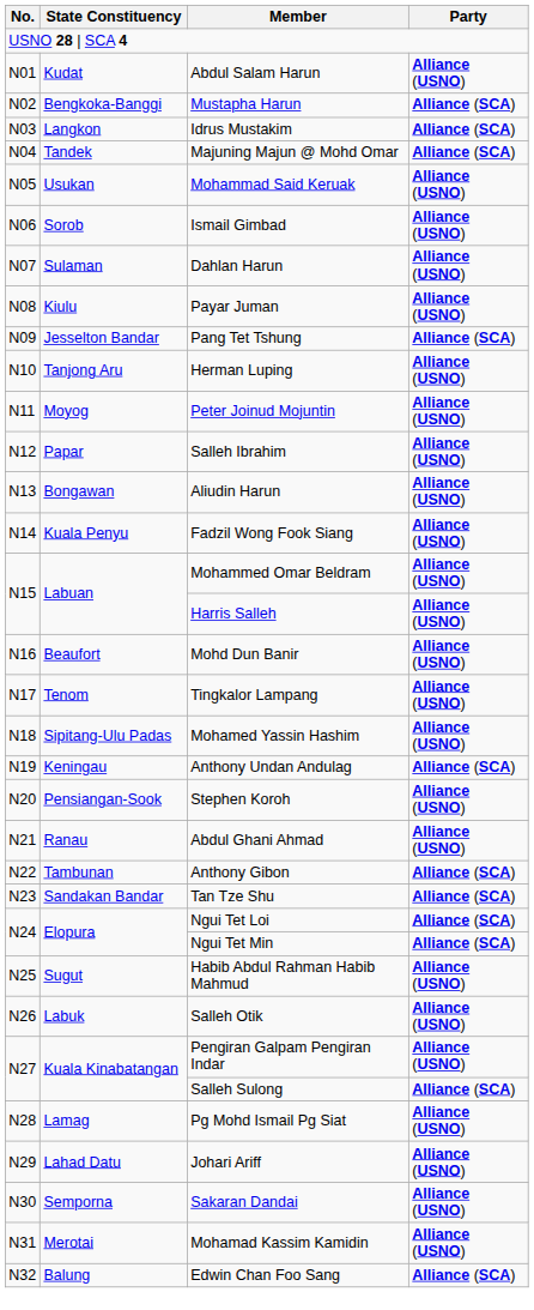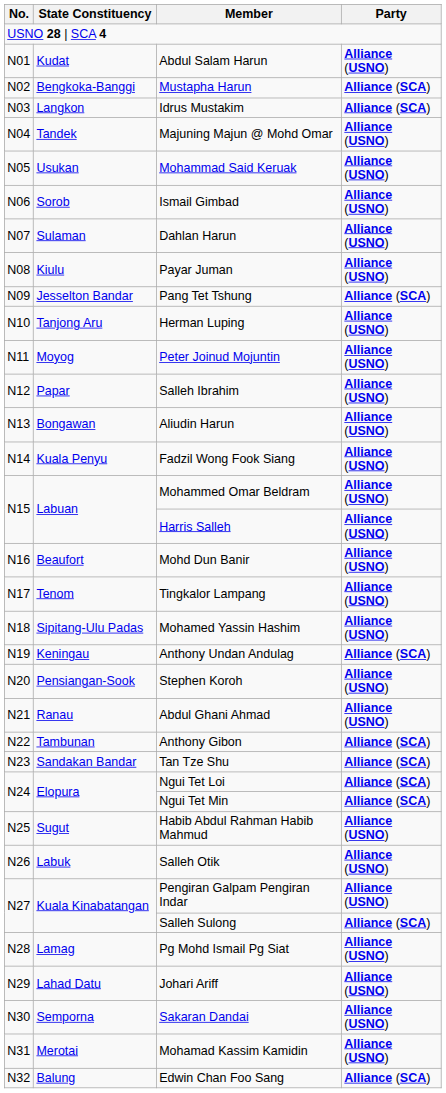 <table class="wikitable sortable">
 <tr>
 <th style="width:30px;">No.</th>
 <th style="width:150px;">State Constituency</th>
 <th style="width:230px;">Member</th>
 <th style="width:120px;">Party</th>
 </tr>
 <tr>
 <td colspan="4"><a href='#'>USNO</a> <strong>28</strong> | <a href='#'>SCA</a> <strong>4</strong></td>
 </tr>
 <tr>
 <td>N01</td>
 <td><a href='#'>Kudat</a></td>
 <td>Abdul Salam Harun</td>
 <td><strong><a href='#'>Alliance</a></strong> (<strong><a href='#'>USNO</a></strong>)</td>
 </tr>
 <tr>
 <td>N02</td>
 <td><a href='#'>Bengkoka-Banggi</a></td>
 <td><a href='#'>Mustapha Harun</a></td>
 <td><strong><a href='#'>Alliance</a></strong> (<strong><a href='#'>SCA</a></strong>)</td>
 </tr>
 <tr>
 <td>N03</td>
 <td><a href='#'>Langkon</a></td>
 <td>Idrus Mustakim</td>
 <td><strong><a href='#'>Alliance</a></strong> (<strong><a href='#'>SCA</a></strong>)</td>
 </tr>
 <tr>
 <td>N04</td>
 <td><a href='#'>Tandek</a></td>
 <td>Majuning Majun @ Mohd Omar</td>
-<td><strong><a href='#'>Alliance</a></strong> (<strong><a href='#'>SCA</a></strong>)</td>
+<td><strong><a href='#'>Alliance</a></strong> (<strong><a href='#'>USNO</a></strong>)</td>
 </tr>
 <tr>
 <td>N05</td>
 <td><a href='#'>Usukan</a></td>
 <td><a href='#'>Mohammad Said Keruak</a></td>
 <td><strong><a href='#'>Alliance</a></strong> (<strong><a href='#'>USNO</a></strong>)</td>
 </tr>
 <tr>
 <td>N06</td>
 <td><a href='#'>Sorob</a></td>
 <td>Ismail Gimbad</td>
 <td><strong><a href='#'>Alliance</a></strong> (<strong><a href='#'>USNO</a></strong>)</td>
 </tr>
 <tr>
 <td>N07</td>
 <td><a href='#'>Sulaman</a></td>
 <td>Dahlan Harun</td>
 <td><strong><a href='#'>Alliance</a></strong> (<strong><a href='#'>USNO</a></strong>)</td>
 </tr>
 <tr>
 <td>N08</td>
 <td><a href='#'>Kiulu</a></td>
 <td>Payar Juman</td>
 <td><strong><a href='#'>Alliance</a></strong> (<strong><a href='#'>USNO</a></strong>)</td>
 </tr>
 <tr>
 <td>N09</td>
 <td><a href='#'>Jesselton Bandar</a></td>
 <td>Pang Tet Tshung</td>
 <td><strong><a href='#'>Alliance</a></strong> (<strong><a href='#'>SCA</a></strong>)</td>
 </tr>
 <tr>
 <td>N10</td>
 <td><a href='#'>Tanjong Aru</a></td>
 <td>Herman Luping</td>
 <td><strong><a href='#'>Alliance</a></strong> (<strong><a href='#'>USNO</a></strong>)</td>
 </tr>
 <tr>
 <td>N11</td>
 <td><a href='#'>Moyog</a></td>
 <td><a href='#'>Peter Joinud Mojuntin</a></td>
 <td><strong><a href='#'>Alliance</a></strong> (<strong><a href='#'>USNO</a></strong>)</td>
 </tr>
 <tr>
 <td>N12</td>
 <td><a href='#'>Papar</a></td>
 <td>Salleh Ibrahim</td>
 <td><strong><a href='#'>Alliance</a></strong> (<strong><a href='#'>USNO</a></strong>)</td>
 </tr>
 <tr>
 <td>N13</td>
 <td><a href='#'>Bongawan</a></td>
 <td>Aliudin Harun</td>
 <td><strong><a href='#'>Alliance</a></strong> (<strong><a href='#'>USNO</a></strong>)</td>
 </tr>
 <tr>
 <td>N14</td>
 <td><a href='#'>Kuala Penyu</a></td>
 <td>Fadzil Wong Fook Siang</td>
 <td><strong><a href='#'>Alliance</a></strong> (<strong><a href='#'>USNO</a></strong>)</td>
 </tr>
 <tr>
 <td rowspan=2>N15</td>
 <td rowspan=2><a href='#'>Labuan</a></td>
 <td>Mohammed Omar Beldram </td>
 <td><strong><a href='#'>Alliance</a></strong> (<strong><a href='#'>USNO</a></strong>)</td>
 </tr>
 <tr>
 <td><a href='#'>Harris Salleh</a> </td>
 <td><strong><a href='#'>Alliance</a></strong> (<strong><a href='#'>USNO</a></strong>)</td>
 </tr>
 <tr>
 <td>N16</td>
 <td><a href='#'>Beaufort</a></td>
 <td>Mohd Dun Banir</td>
 <td><strong><a href='#'>Alliance</a></strong> (<strong><a href='#'>USNO</a></strong>)</td>
 </tr>
 <tr>
 <td>N17</td>
 <td><a href='#'>Tenom</a></td>
 <td>Tingkalor Lampang</td>
 <td><strong><a href='#'>Alliance</a></strong> (<strong><a href='#'>USNO</a></strong>)</td>
 </tr>
 <tr>
 <td>N18</td>
 <td><a href='#'>Sipitang-Ulu Padas</a></td>
 <td>Mohamed Yassin Hashim</td>
 <td><strong><a href='#'>Alliance</a></strong> (<strong><a href='#'>USNO</a></strong>)</td>
 </tr>
 <tr>
 <td>N19</td>
 <td><a href='#'>Keningau</a></td>
 <td>Anthony Undan Andulag</td>
 <td><strong><a href='#'>Alliance</a></strong> (<strong><a href='#'>SCA</a></strong>)</td>
 </tr>
 <tr>
 <td>N20</td>
 <td><a href='#'>Pensiangan-Sook</a></td>
 <td>Stephen Koroh</td>
 <td><strong><a href='#'>Alliance</a></strong> (<strong><a href='#'>USNO</a></strong>)</td>
 </tr>
 <tr>
 <td>N21</td>
 <td><a href='#'>Ranau</a></td>
 <td>Abdul Ghani Ahmad</td>
 <td><strong><a href='#'>Alliance</a></strong> (<strong><a href='#'>USNO</a></strong>)</td>
 </tr>
 <tr>
 <td>N22</td>
 <td><a href='#'>Tambunan</a></td>
 <td>Anthony Gibon</td>
 <td><strong><a href='#'>Alliance</a></strong> (<strong><a href='#'>SCA</a></strong>)</td>
 </tr>
 <tr>
 <td>N23</td>
 <td><a href='#'>Sandakan Bandar</a></td>
 <td>Tan Tze Shu</td>
 <td><strong><a href='#'>Alliance</a></strong> (<strong><a href='#'>SCA</a></strong>)</td>
 </tr>
 <tr>
 <td rowspan=2>N24</td>
 <td rowspan=2><a href='#'>Elopura</a></td>
 <td>Ngui Tet Loi </td>
 <td><strong><a href='#'>Alliance</a></strong> (<strong><a href='#'>SCA</a></strong>)</td>
 </tr>
 <tr>
 <td>Ngui Tet Min </td>
 <td><strong><a href='#'>Alliance</a></strong> (<strong><a href='#'>SCA</a></strong>)</td>
 </tr>
 <tr>
 <td>N25</td>
 <td><a href='#'>Sugut</a></td>
 <td>Habib Abdul Rahman Habib Mahmud</td>
 <td><strong><a href='#'>Alliance</a></strong> (<strong><a href='#'>USNO</a></strong>)</td>
 </tr>
 <tr>
 <td>N26</td>
 <td><a href='#'>Labuk</a></td>
 <td>Salleh Otik</td>
 <td><strong><a href='#'>Alliance</a></strong> (<strong><a href='#'>USNO</a></strong>)</td>
 </tr>
 <tr>
 <td rowspan=2>N27</td>
 <td rowspan=2><a href='#'>Kuala Kinabatangan</a></td>
 <td>Pengiran Galpam Pengiran Indar </td>
 <td><strong><a href='#'>Alliance</a></strong> (<strong><a href='#'>USNO</a></strong>)</td>
 </tr>
 <tr>
 <td>Salleh Sulong </td>
 <td><strong><a href='#'>Alliance</a></strong> (<strong><a href='#'>SCA</a></strong>)</td>
 </tr>
 <tr>
 <td>N28</td>
 <td><a href='#'>Lamag</a></td>
 <td>Pg Mohd Ismail Pg Siat</td>
 <td><strong><a href='#'>Alliance</a></strong> (<strong><a href='#'>USNO</a></strong>)</td>
 </tr>
 <tr>
 <td>N29</td>
 <td><a href='#'>Lahad Datu</a></td>
 <td>Johari Ariff</td>
 <td><strong><a href='#'>Alliance</a></strong> (<strong><a href='#'>USNO</a></strong>)</td>
 </tr>
 <tr>
 <td>N30</td>
 <td><a href='#'>Semporna</a></td>
 <td><a href='#'>Sakaran Dandai</a></td>
 <td><strong><a href='#'>Alliance</a></strong> (<strong><a href='#'>USNO</a></strong>)</td>
 </tr>
 <tr>
 <td>N31</td>
 <td><a href='#'>Merotai</a></td>
 <td>Mohamad Kassim Kamidin</td>
 <td><strong><a href='#'>Alliance</a></strong> (<strong><a href='#'>USNO</a></strong>)</td>
 </tr>
 <tr>
 <td>N32</td>
 <td><a href='#'>Balung</a></td>
 <td>Edwin Chan Foo Sang</td>
 <td><strong><a href='#'>Alliance</a></strong> (<strong><a href='#'>SCA</a></strong>)</td>
 </tr>
 </table>
